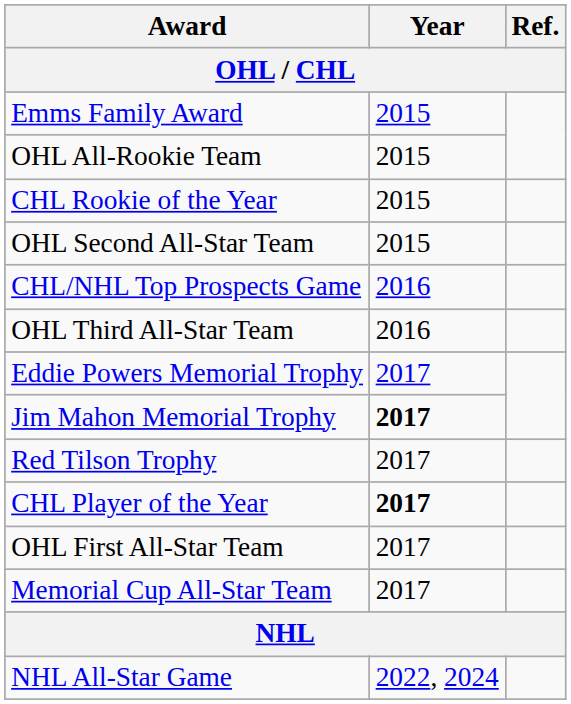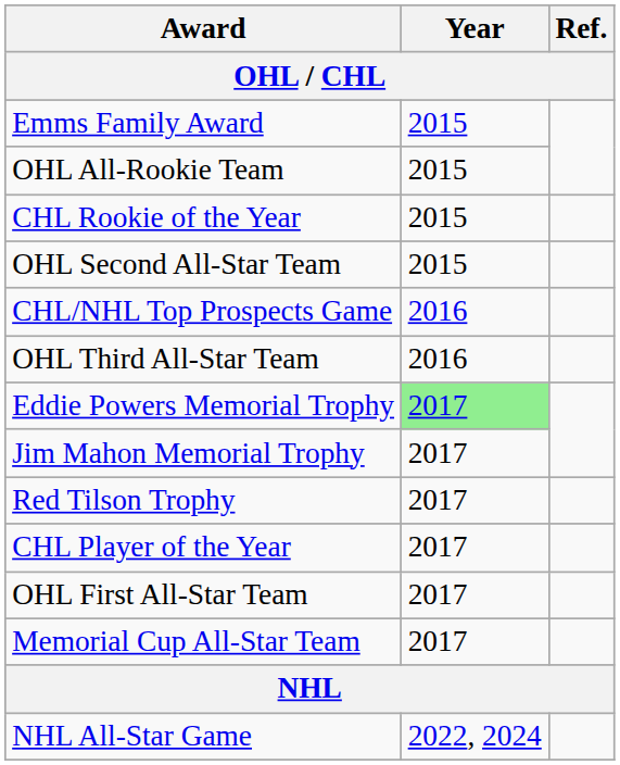 <table class="wikitable">
 <tr>
 <th>Award</th>
 <th>Year</th>
 <th>Ref.</th>
 </tr>
 <tr ALIGN="center" bgcolor="#e0e0e0">
 <th colspan="3"><a href='#'>OHL</a> / <a href='#'>CHL</a></th>
 </tr>
 <tr>
 <td><a href='#'>Emms Family Award</a></td>
 <td><a href='#'>2015</a></td>
 <td rowspan="2"></td>
 </tr>
 <tr>
 <td>OHL All-Rookie Team</td>
 <td>2015</td>
 </tr>
 <tr>
 <td><a href='#'>CHL Rookie of the Year</a></td>
 <td>2015</td>
 <td></td>
 </tr>
 <tr>
 <td>OHL Second All-Star Team</td>
 <td>2015</td>
 <td></td>
 </tr>
 <tr>
 <td><a href='#'>CHL/NHL Top Prospects Game</a></td>
 <td><a href='#'>2016</a></td>
 <td></td>
 </tr>
 <tr>
 <td>OHL Third All-Star Team</td>
 <td>2016</td>
 <td></td>
 </tr>
 <tr>
 <td><a href='#'>Eddie Powers Memorial Trophy</a></td>
-<td><a href='#'>2017</a></td>
+<td style="background: lightgreen;"><a href='#'>2017</a></td>
 <td rowspan="2"></td>
 </tr>
 <tr>
 <td><a href='#'>Jim Mahon Memorial Trophy</a></td>
-<td><strong>2017</strong></td>
+<td>2017</td>
 </tr>
 <tr>
 <td><a href='#'>Red Tilson Trophy</a></td>
 <td>2017</td>
 <td></td>
 </tr>
 <tr>
 <td><a href='#'>CHL Player of the Year</a></td>
-<td><strong>2017</strong></td>
+<td>2017</td>
 <td></td>
 </tr>
 <tr>
 <td>OHL First All-Star Team</td>
 <td>2017</td>
 <td></td>
 </tr>
 <tr>
 <td><a href='#'>Memorial Cup All-Star Team</a></td>
 <td>2017</td>
 <td></td>
 </tr>
 <tr ALIGN="center" bgcolor="#e0e0e0">
 <th colspan="3"><a href='#'>NHL</a></th>
 </tr>
 <tr>
 <td><a href='#'>NHL All-Star Game</a></td>
 <td><a href='#'>2022</a>, <a href='#'>2024</a></td>
 <td></td>
 </tr>
 </table>
